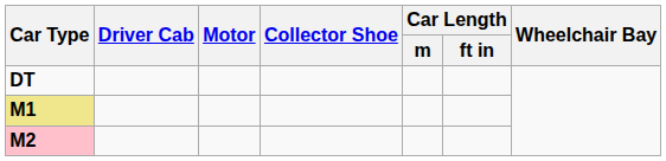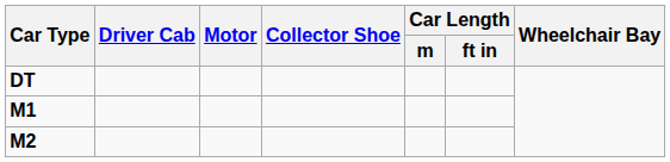 <table class="wikitable" style="text-align:center">
 <tr>
 <th rowspan="2">Car Type</th>
 <th rowspan="2"><a href='#'>Driver Cab</a></th>
 <th rowspan="2"><a href='#'>Motor</a></th>
 <th rowspan="2"><a href='#'>Collector Shoe</a></th>
 <th colspan="2">Car Length</th>
 <th rowspan="2">Wheelchair Bay</th>
 </tr>
 <tr>
 <th bgcolor="#c0c0f0">m</th>
 <th bgcolor="#c0c0f0">ft in</th>
 </tr>
 <tr>
 <td style="text-align:left"><strong>DT</strong></td>
 <td></td>
 <td></td>
 <td></td>
 <td></td>
 <td></td>
 </tr>
 <tr>
-<td style="background: khaki; text-align:left"><strong>M1</strong></td>
+<td style="text-align:left"><strong>M1</strong></td>
 <td></td>
 <td></td>
 <td></td>
 <td></td>
 <td></td>
 </tr>
 <tr>
-<td style="background: pink; text-align:left"><strong>M2</strong></td>
+<td style="text-align:left"><strong>M2</strong></td>
 <td></td>
 <td></td>
 <td></td>
 <td></td>
 <td></td>
 </tr>
 </table>
